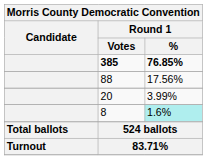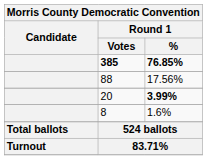 <table class="wikitable sortable">
 <tr>
 <th colspan=" 19 ">Morris County Democratic Convention</th>
 </tr>
 <tr style="background:#eee; text-align:center;">
 <th rowspan=2 style="text-align:center;">Candidate</th>
 <th colspan=2 style="text-align:center;">Round 1</th>
 </tr>
 <tr>
 <th>Votes</th>
 <th>%</th>
 </tr>
 <tr>
 <th scope="row" style="text-align:left;"></th>
 <td><strong>385</strong></td>
 <td><strong>76.85%</strong></td>
 </tr>
 <tr>
 </tr>
 <tr>
 </tr>
 <tr>
 <th scope="row" style="text-align:left;"></th>
 <td>88</td>
 <td>17.56%</td>
 </tr>
 <tr>
 </tr>
 <tr>
 </tr>
 <tr>
 <th scope="row" style="text-align:left;"></th>
 <td>20</td>
-<td>3.99%</td>
+<td><strong>3.99%</strong></td>
 </tr>
 <tr>
 </tr>
 <tr>
 </tr>
 <tr>
 <th scope="row" style="text-align:left;"></th>
 <td>8</td>
-<td style="background: paleturquoise;">1.6%</td>
+<td>1.6%</td>
 </tr>
 <tr>
 </tr>
 <tr>
 </tr>
 <tr>
 <th scope="row" style="text-align:left;">Total ballots</th>
 <th colspan="2">524 ballots</th>
 </tr>
 <tr>
 <th scope="row" style="text-align:left;">Turnout</th>
 <th colspan="2">83.71%</th>
 </tr>
 <tr>
 </tr>
 </table>
